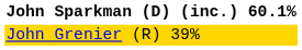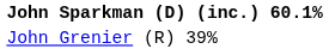 <table>
 <tr>
 <td><strong>John Sparkman (D) (inc.) 60.1%</strong></td>
 </tr>
 <tr>
-<td style="background: gold;"><a href='#'>John Grenier</a> (R) 39%</td>
+<td><a href='#'>John Grenier</a> (R) 39%</td>
 </tr>
 </table>
